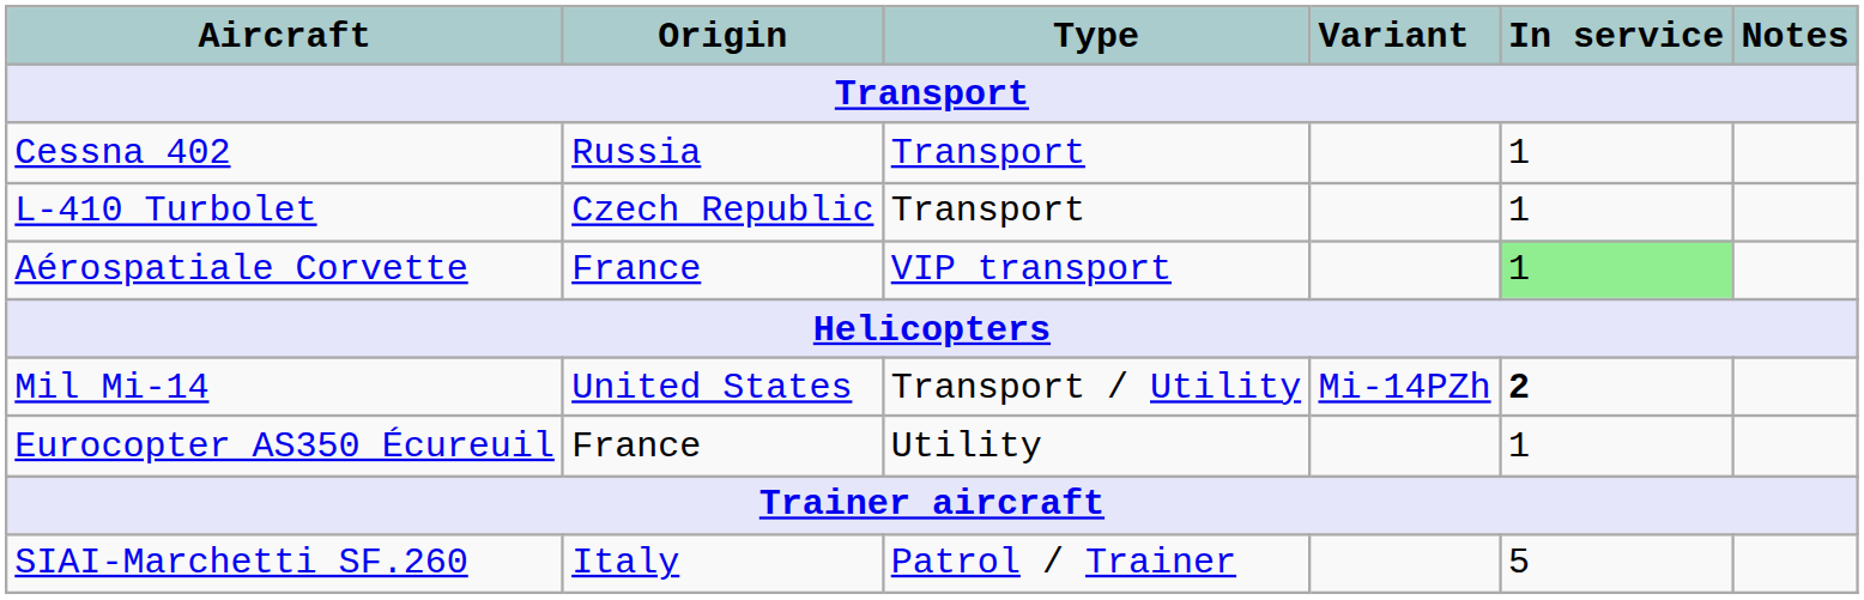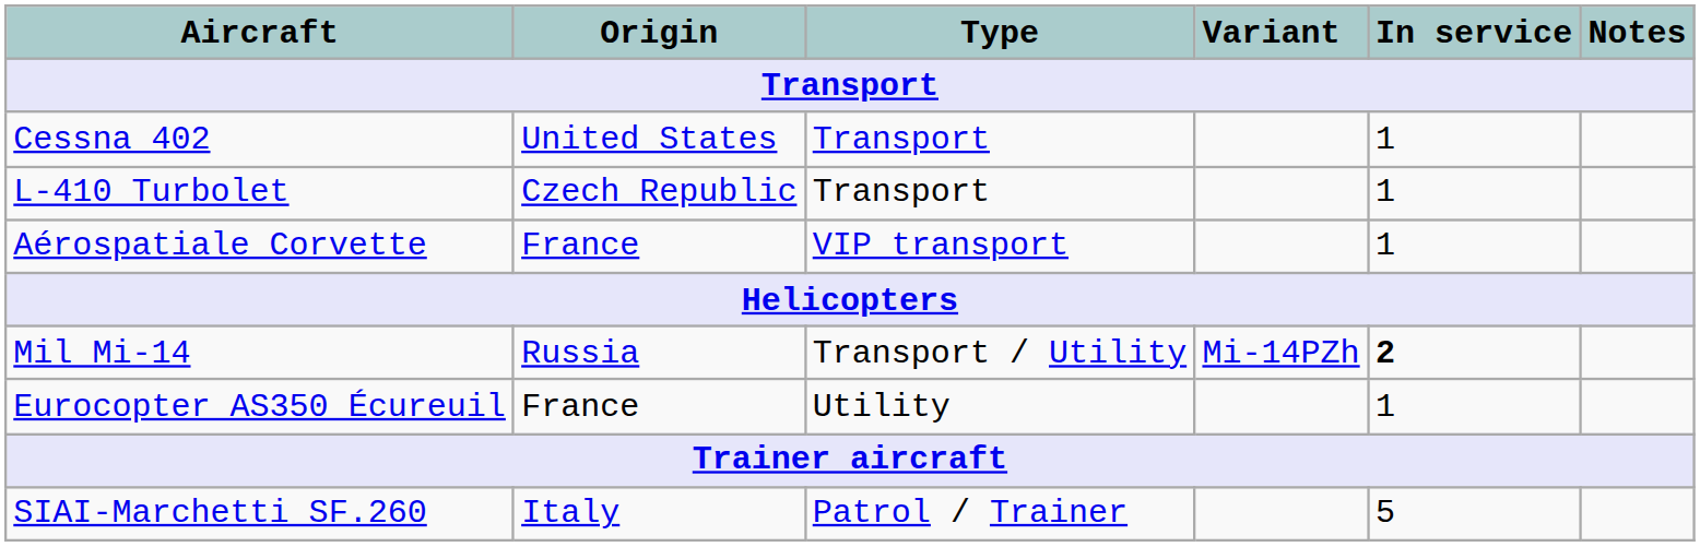 <table class="wikitable">
 <tr>
 <th style="text-align:center; background:#acc;">Aircraft</th>
 <th style="text-align: center; background:#acc;">Origin</th>
 <th style="text-align:l center; background:#acc;">Type</th>
 <th style="text-align:left; background:#acc;">Variant</th>
 <th style="text-align:center; background:#acc;">In service</th>
 <th style="text-align: center; background:#acc;">Notes</th>
 </tr>
 <tr>
 <th style="align: center; background: lavender;" colspan="7"><a href='#'>Transport</a></th>
 </tr>
 <tr>
 <td><a href='#'>Cessna 402</a></td>
-<td><a href='#'>Russia</a></td>
+<td><a href='#'>United States</a></td>
 <td><a href='#'>Transport</a></td>
 <td></td>
 <td>1</td>
 <td></td>
 </tr>
 <tr>
 <td><a href='#'>L-410 Turbolet</a></td>
 <td><a href='#'>Czech Republic</a></td>
 <td>Transport</td>
 <td></td>
 <td>1</td>
 <td></td>
 </tr>
 <tr>
 <td><a href='#'>Aérospatiale Corvette</a></td>
 <td><a href='#'>France</a></td>
 <td><a href='#'>VIP transport</a></td>
 <td></td>
-<td style="background: lightgreen;">1</td>
+<td>1</td>
 <td></td>
 </tr>
 <tr>
 <th style="align: center; background: lavender;" colspan="7"><a href='#'>Helicopters</a></th>
 </tr>
 <tr>
 <td><a href='#'>Mil Mi-14</a></td>
-<td><a href='#'>United States</a></td>
+<td><a href='#'>Russia</a></td>
 <td>Transport / <a href='#'>Utility</a></td>
 <td><a href='#'>Mi-14PZh</a></td>
 <td><strong>2</strong></td>
 <td></td>
 </tr>
 <tr>
 <td><a href='#'>Eurocopter AS350 Écureuil</a></td>
 <td>France</td>
 <td>Utility</td>
 <td></td>
 <td>1</td>
 <td></td>
 </tr>
 <tr>
 <th style="align: center; background: lavender;" colspan="7"><a href='#'>Trainer aircraft</a></th>
 </tr>
 <tr>
 <td><a href='#'>SIAI-Marchetti SF.260</a></td>
 <td><a href='#'>Italy</a></td>
 <td><a href='#'>Patrol</a> / <a href='#'>Trainer</a></td>
 <td></td>
 <td>5</td>
 <td></td>
 </tr>
 </table>
